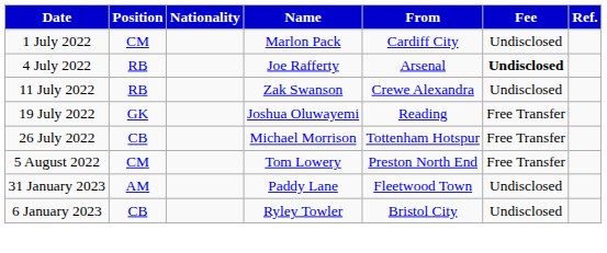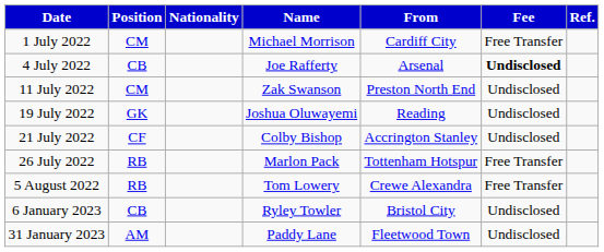 <table class="wikitable"  style="text-align:center; font-size:90%; ">
 <tr>
 <th style="background:mediumblue;color:white;">Date</th>
 <th style="background:mediumblue;color:white;">Position</th>
 <th style="background:mediumblue;color:white;">Nationality</th>
 <th style="background:mediumblue;color:white;">Name</th>
 <th style="background:mediumblue;color:white;">From</th>
 <th style="background:mediumblue;color:white;">Fee</th>
 <th style="background:mediumblue;color:white;">Ref.</th>
 </tr>
 <tr>
 <td>1 July 2022</td>
 <td><a href='#'>CM</a></td>
 <td></td>
-<td><a href='#'>Marlon Pack</a></td>
+<td><a href='#'>Michael Morrison</a></td>
 <td> <a href='#'>Cardiff City</a></td>
-<td>Undisclosed</td>
+<td>Free Transfer</td>
 <td></td>
 </tr>
 <tr>
 <td>4 July 2022</td>
-<td><a href='#'>RB</a></td>
+<td><a href='#'>CB</a></td>
 <td></td>
 <td><a href='#'>Joe Rafferty</a></td>
 <td> <a href='#'>Arsenal</a></td>
 <td><strong>Undisclosed</strong></td>
 <td></td>
 </tr>
 <tr>
 <td>11 July 2022</td>
-<td><a href='#'>RB</a></td>
+<td><a href='#'>CM</a></td>
 <td></td>
 <td><a href='#'>Zak Swanson</a></td>
-<td> <a href='#'>Crewe Alexandra</a></td>
+<td> <a href='#'>Preston North End</a></td>
 <td>Undisclosed</td>
 <td></td>
 </tr>
 <tr>
 <td>19 July 2022</td>
 <td><a href='#'>GK</a></td>
 <td></td>
 <td><a href='#'>Joshua Oluwayemi</a></td>
 <td> <a href='#'>Reading</a></td>
-<td>Free Transfer</td>
+<td>Undisclosed</td>
+<td></td>
+</tr>
+<tr>
+<td>21 July 2022</td>
+<td><a href='#'>CF</a></td>
+<td></td>
+<td><a href='#'>Colby Bishop</a></td>
+<td> <a href='#'>Accrington Stanley</a></td>
+<td>Undisclosed</td>
 <td></td>
 </tr>
 <tr>
 <td>26 July 2022</td>
-<td><a href='#'>CB</a></td>
+<td><a href='#'>RB</a></td>
 <td></td>
-<td><a href='#'>Michael Morrison</a></td>
+<td><a href='#'>Marlon Pack</a></td>
 <td> <a href='#'>Tottenham Hotspur</a></td>
 <td>Free Transfer</td>
 <td></td>
 </tr>
 <tr>
 <td>5 August 2022</td>
-<td><a href='#'>CM</a></td>
+<td><a href='#'>RB</a></td>
 <td></td>
 <td><a href='#'>Tom Lowery</a></td>
-<td> <a href='#'>Preston North End</a></td>
+<td> <a href='#'>Crewe Alexandra</a></td>
 <td>Free Transfer</td>
+<td></td>
+</tr>
+<tr>
+<td>6 January 2023</td>
+<td><a href='#'>CB</a></td>
+<td></td>
+<td><a href='#'>Ryley Towler</a></td>
+<td> <a href='#'>Bristol City</a></td>
+<td>Undisclosed</td>
 <td></td>
 </tr>
 <tr>
 <td>31 January 2023</td>
 <td><a href='#'>AM</a></td>
 <td></td>
 <td><a href='#'>Paddy Lane</a></td>
 <td> <a href='#'>Fleetwood Town</a></td>
 <td>Undisclosed</td>
 <td></td>
 </tr>
-<tr>
-<td>6 January 2023</td>
-<td><a href='#'>CB</a></td>
-<td></td>
-<td><a href='#'>Ryley Towler</a></td>
-<td> <a href='#'>Bristol City</a></td>
-<td>Undisclosed</td>
-<td></td>
-</tr>
 </table>
